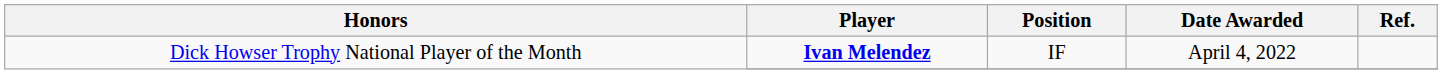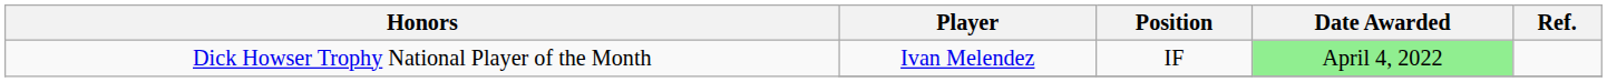 <table class="wikitable" style="width: 90%;text-align: center;">
 <tr>
 <th style=>Honors</th>
 <th style=>Player</th>
 <th style=>Position</th>
 <th style=>Date Awarded</th>
 <th style=>Ref.</th>
 </tr>
 <tr align="center">
 <td rowspan="3"><a href='#'>Dick Howser Trophy</a> National Player of the Month</td>
-<td><strong><a href='#'>Ivan Melendez</a></strong></td>
+<td><a href='#'>Ivan Melendez</a></td>
 <td>IF</td>
-<td>April 4, 2022</td>
+<td style="background: lightgreen;">April 4, 2022</td>
 <td></td>
 </tr>
 <tr>
 </tr>
 </table>
